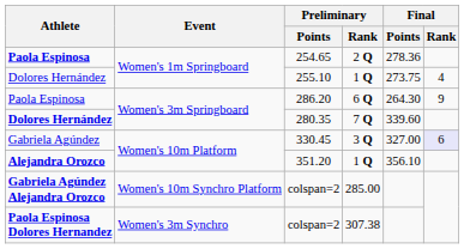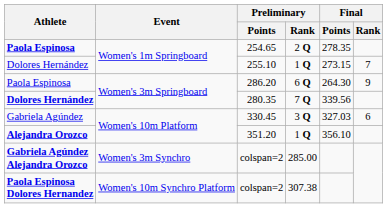 <table class=wikitable style="font-size:90%">
 <tr>
 <th rowspan="2">Athlete</th>
 <th rowspan="2">Event</th>
 <th colspan="2">Preliminary</th>
 <th colspan="2">Final</th>
 </tr>
 <tr>
 <th>Points</th>
 <th>Rank</th>
 <th>Points</th>
 <th>Rank</th>
 </tr>
 <tr align=center>
 <td align=left><strong><a href='#'>Paola Espinosa</a></strong></td>
 <td rowspan="2" align=left><a href='#'>Women's 1m Springboard</a></td>
 <td>254.65</td>
 <td>2 <strong>Q</strong></td>
-<td>278.36</td>
+<td>278.35</td>
 <td></td>
 </tr>
 <tr align=center>
 <td align=left><a href='#'>Dolores Hernández</a></td>
 <td>255.10</td>
 <td>1 <strong>Q</strong></td>
-<td>273.75</td>
-<td>4</td>
+<td>273.15</td>
+<td>7</td>
 </tr>
 <tr align=center>
 <td align=left><a href='#'>Paola Espinosa</a></td>
 <td rowspan="2" align=left><a href='#'>Women's 3m Springboard</a></td>
 <td>286.20</td>
 <td>6 <strong>Q</strong></td>
 <td>264.30</td>
 <td>9</td>
 </tr>
 <tr align=center>
 <td align=left><strong><a href='#'>Dolores Hernández</a></strong></td>
 <td>280.35</td>
 <td>7 <strong>Q</strong></td>
-<td>339.60</td>
+<td>339.56</td>
 <td></td>
 </tr>
 <tr align=center>
 <td align=left><a href='#'>Gabriela Agúndez</a></td>
 <td rowspan="2" align=left><a href='#'>Women's 10m Platform</a></td>
 <td>330.45</td>
 <td>3 <strong>Q</strong></td>
-<td>327.00</td>
-<td style="background: lavender;">6</td>
+<td>327.03</td>
+<td>6</td>
 </tr>
 <tr align=center>
 <td align=left><strong><a href='#'>Alejandra Orozco</a></strong></td>
 <td>351.20</td>
 <td>1 <strong>Q</strong></td>
 <td>356.10</td>
 <td></td>
 </tr>
 <tr align=center>
 <td align=left><strong><a href='#'>Gabriela Agúndez</a><br><a href='#'>Alejandra Orozco</a></strong></td>
-<td align=left><a href='#'>Women's 10m Synchro Platform</a></td>
+<td align=left><a href='#'>Women's 3m Synchro</a></td>
 <td>colspan=2 </td>
 <td>285.00</td>
 <td></td>
 </tr>
 <tr align=center>
 <td align=left><strong><a href='#'>Paola Espinosa</a><br><a href='#'>Dolores Hernandez</a></strong></td>
-<td align=left><a href='#'>Women's 3m Synchro</a></td>
+<td align=left><a href='#'>Women's 10m Synchro Platform</a></td>
 <td>colspan=2 </td>
 <td>307.38</td>
 <td></td>
 </tr>
 </table>
